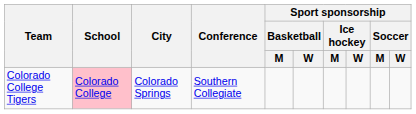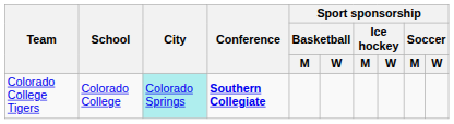 <table class="sortable wikitable">
 <tr>
 <th rowspan=3>Team</th>
 <th rowspan=3>School</th>
 <th rowspan=3>City</th>
 <th rowspan=3>Conference</th>
 <th colspan=6>Sport sponsorship</th>
 </tr>
 <tr>
 <th colspan=2>Basketball</th>
 <th colspan=2>Ice hockey</th>
 <th colspan=2>Soccer</th>
 </tr>
 <tr>
 <th>M</th>
 <th>W</th>
 <th>M</th>
 <th>W</th>
 <th>M</th>
 <th>W</th>
 </tr>
 <tr>
 <td><a href='#'>Colorado College Tigers</a></td>
-<td style="background: pink;"><a href='#'>Colorado College</a></td>
-<td><a href='#'>Colorado Springs</a></td>
-<td><a href='#'>Southern Collegiate</a></td>
+<td><a href='#'>Colorado College</a></td>
+<td style="background: paleturquoise;"><a href='#'>Colorado Springs</a></td>
+<td><strong><a href='#'>Southern Collegiate</a></strong></td>
 <td></td>
 <td></td>
 <td> </td>
 <td></td>
 <td></td>
 <td> </td>
 </tr>
 </table>
